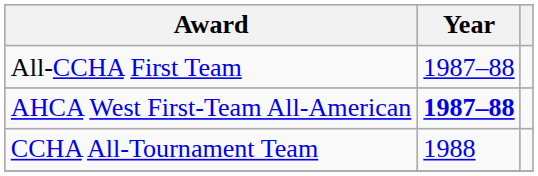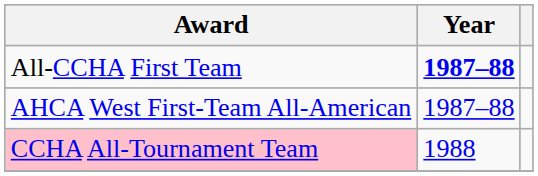 <table class="wikitable">
 <tr>
 <th>Award</th>
 <th>Year</th>
 <th></th>
 </tr>
 <tr>
 <td>All-<a href='#'>CCHA</a> <a href='#'>First Team</a></td>
+<td><strong><a href='#'>1987–88</a></strong></td>
+<td></td>
+</tr>
+<tr>
+<td><a href='#'>AHCA</a> <a href='#'>West First-Team All-American</a></td>
 <td><a href='#'>1987–88</a></td>
 <td></td>
 </tr>
 <tr>
-<td><a href='#'>AHCA</a> <a href='#'>West First-Team All-American</a></td>
-<td><strong><a href='#'>1987–88</a></strong></td>
-<td></td>
-</tr>
-<tr>
-<td><a href='#'>CCHA</a> <a href='#'>All-Tournament Team</a></td>
+<td style="background: pink;"><a href='#'>CCHA</a> <a href='#'>All-Tournament Team</a></td>
 <td><a href='#'>1988</a></td>
 <td></td>
 </tr>
 <tr>
 </tr>
 </table>
